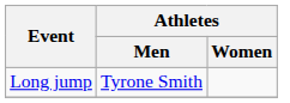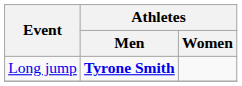 <table class=wikitable style="font-size:90%">
 <tr>
 <th rowspan=2>Event</th>
 <th colspan=2>Athletes</th>
 </tr>
 <tr>
 <th>Men</th>
 <th>Women</th>
 </tr>
 <tr>
 <td><a href='#'>Long jump</a></td>
-<td><a href='#'>Tyrone Smith</a></td>
+<td><strong><a href='#'>Tyrone Smith</a></strong></td>
 <td></td>
 </tr>
 <tr>
 </tr>
 </table>
